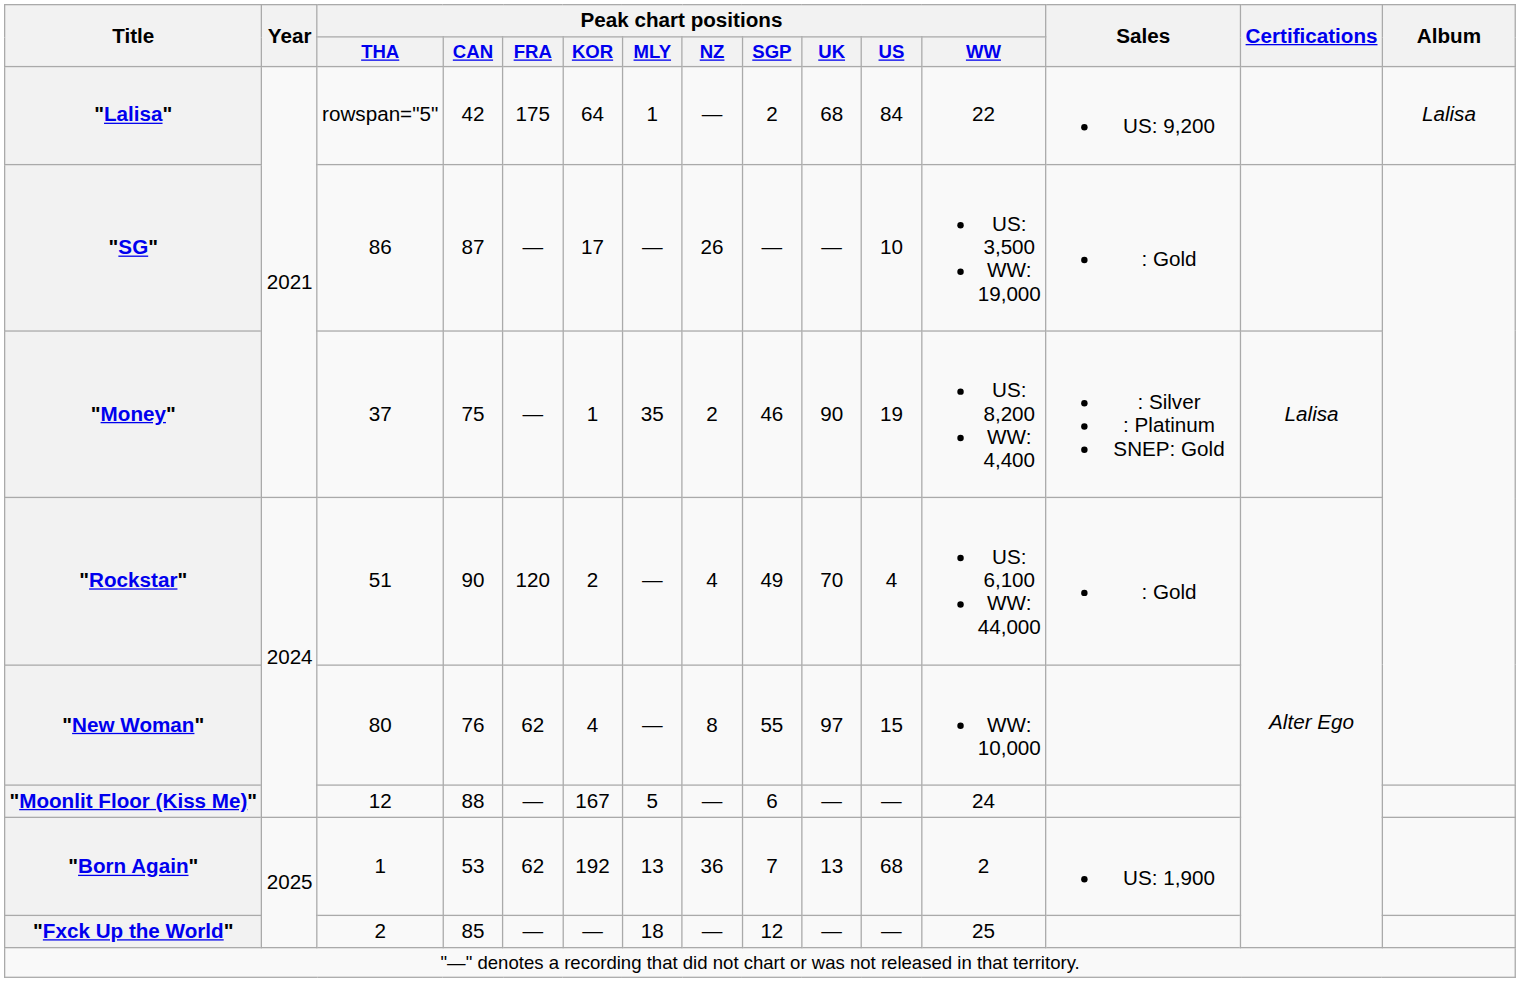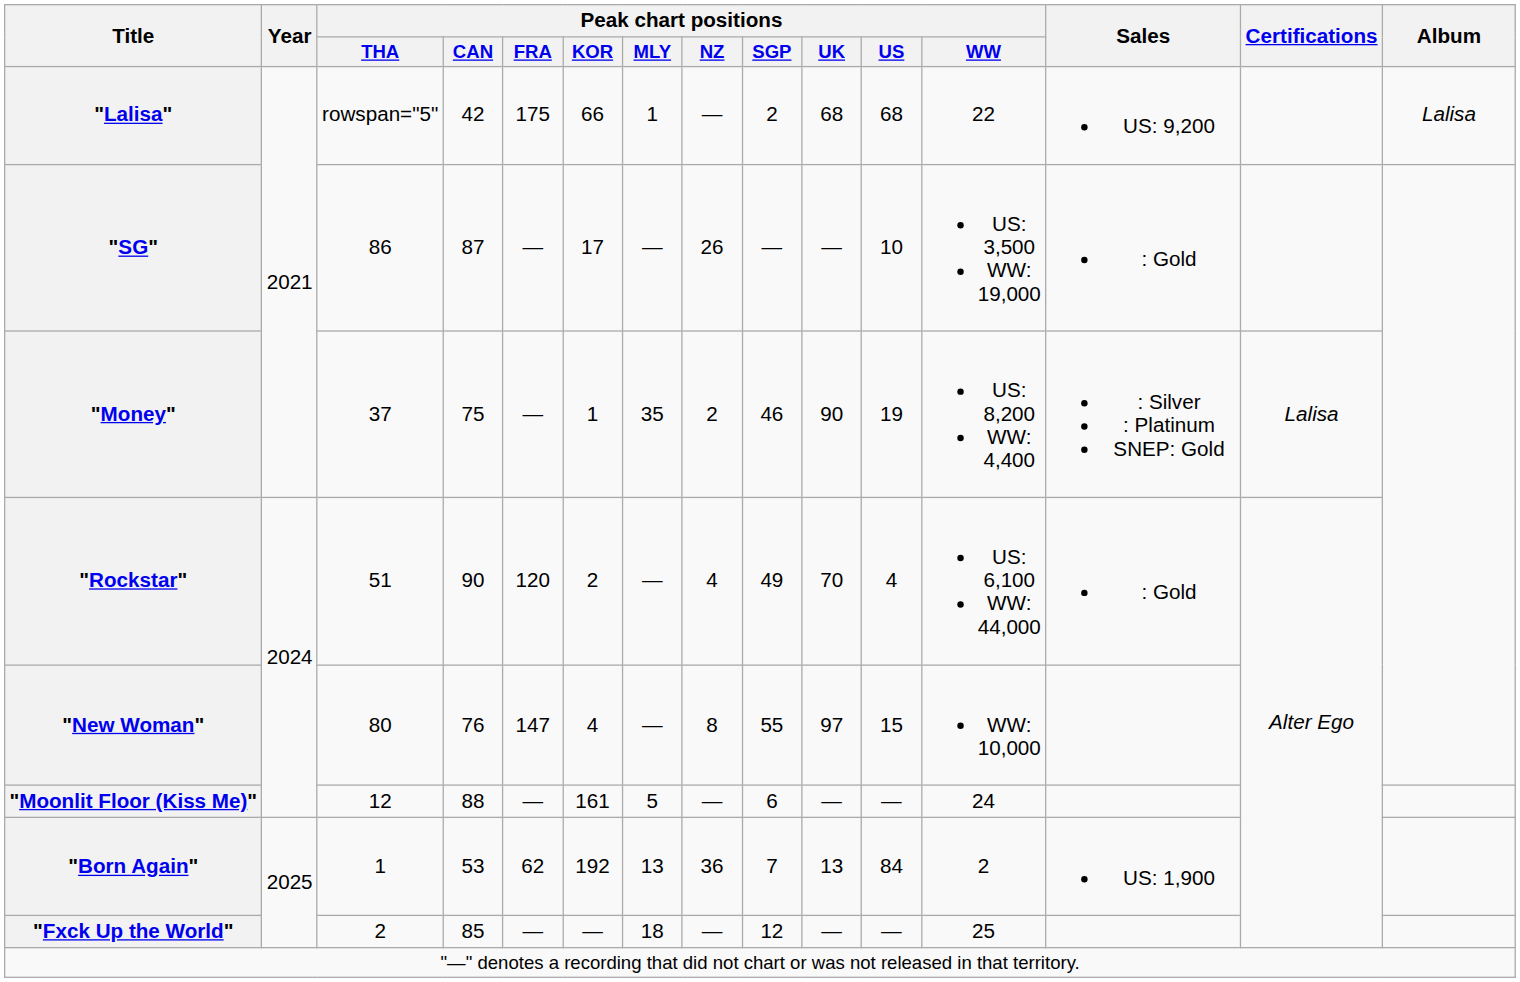 <table class="wikitable plainrowheaders" style="text-align:center;">
 <tr>
 <th scope="col" rowspan="2">Title</th>
 <th scope="col" rowspan="2" style="width:2em">Year</th>
 <th scope="col" colspan="10">Peak chart positions</th>
 <th scope="col" rowspan="2" style="width:9em">Sales</th>
 <th scope="col" rowspan="2"><a href='#'>Certifications</a></th>
 <th scope="col" rowspan="2" style="width:6em">Album</th>
 </tr>
 <tr>
 <th scope="col" style="width:2.75em;font-size:90%;"><a href='#'>THA</a><br></th>
 <th scope="col" style="width:2.75em;font-size:90%;"><a href='#'>CAN</a><br></th>
 <th scope="col" style="width:2.75em;font-size:90%;"><a href='#'>FRA</a><br></th>
 <th scope="col" style="width:2.75em;font-size:90%"><a href='#'>KOR</a><br></th>
 <th scope="col" style="width:2.75em;font-size:90%;"><a href='#'>MLY</a><br></th>
 <th scope="col" style="width:2.75em;font-size:90%;"><a href='#'>NZ</a><br></th>
 <th scope="col" style="width:2.75em;font-size:90%;"><a href='#'>SGP</a><br></th>
 <th scope="col" style="width:2.75em;font-size:90%;"><a href='#'>UK</a><br></th>
 <th scope="col" style="width:2.75em;font-size:90%;"><a href='#'>US</a><br></th>
 <th scope="col" style="width:2.75em;font-size:90%;"><a href='#'>WW</a><br></th>
 </tr>
 <tr>
 <th scope="row">"<a href='#'>Lalisa</a>"</th>
 <td rowspan="3">2021</td>
 <td>rowspan="5" </td>
 <td>42</td>
 <td>175</td>
-<td>64</td>
+<td>66</td>
 <td>1</td>
 <td>—</td>
 <td>2</td>
 <td>68</td>
-<td>84</td>
+<td>68</td>
 <td>22</td>
 <td><br><ul><li>US: 9,200</li></ul></td>
 <td></td>
 <td><em>Lalisa</em></td>
 </tr>
 <tr>
 <th scope="row">"<a href='#'>SG</a>"<br></th>
 <td>86</td>
 <td>87</td>
 <td>—</td>
 <td>17</td>
 <td>—</td>
 <td>26</td>
 <td>—</td>
 <td>—</td>
 <td>10</td>
 <td><br><ul><li>US: 3,500</li><li>WW: 19,000</li></ul></td>
 <td><br><ul><li><a href='#'></a>: Gold</li></ul></td>
 <td></td>
 </tr>
 <tr>
 <th scope="row">"<a href='#'>Money</a>"</th>
 <td>37</td>
 <td>75</td>
 <td>—</td>
 <td>1</td>
 <td>35</td>
 <td>2</td>
 <td>46</td>
 <td>90</td>
 <td>19</td>
 <td><br><ul><li>US: 8,200</li><li>WW: 4,400</li></ul></td>
 <td><br><ul><li><a href='#'></a>: Silver</li><li><a href='#'></a>: Platinum</li><li>SNEP: Gold</li></ul></td>
 <td><em>Lalisa</em></td>
 </tr>
 <tr>
 <th scope="row">"<a href='#'>Rockstar</a>"</th>
 <td rowspan="3">2024</td>
 <td>51</td>
 <td>90</td>
 <td>120</td>
 <td>2</td>
 <td>—</td>
 <td>4</td>
 <td>49</td>
 <td>70</td>
 <td>4</td>
 <td><br><ul><li>US: 6,100</li><li>WW: 44,000</li></ul></td>
 <td><br><ul><li><a href='#'></a>: Gold</li></ul></td>
 <td rowspan="5"><em>Alter Ego</em></td>
 </tr>
 <tr>
 <th scope="row">"<a href='#'>New Woman</a>"<br></th>
 <td>80</td>
 <td>76</td>
-<td>62</td>
+<td>147</td>
 <td>4</td>
 <td>—</td>
 <td>8</td>
 <td>55</td>
 <td>97</td>
 <td>15</td>
 <td><br><ul><li>WW: 10,000</li></ul></td>
 <td></td>
 </tr>
 <tr>
 <th scope="row">"<a href='#'>Moonlit Floor (Kiss Me)</a>"</th>
 <td>12</td>
 <td>88</td>
 <td>—</td>
-<td>167</td>
+<td>161</td>
 <td>5</td>
 <td>—</td>
 <td>6</td>
 <td>—</td>
 <td>—</td>
 <td>24</td>
 <td></td>
 <td></td>
 </tr>
 <tr>
 <th scope="row">"<a href='#'>Born Again</a>"<br></th>
 <td rowspan="2">2025</td>
 <td>1</td>
 <td>53</td>
 <td>62</td>
 <td>192</td>
 <td>13</td>
 <td>36</td>
 <td>7</td>
 <td>13</td>
-<td>68</td>
+<td>84</td>
 <td>2</td>
 <td><br><ul><li>US: 1,900</li></ul></td>
 <td></td>
 </tr>
 <tr>
 <th scope="row">"<a href='#'>Fxck Up the World</a>"<br></th>
 <td>2</td>
 <td>85</td>
 <td>—</td>
 <td>—</td>
 <td>18</td>
 <td>—</td>
 <td>12</td>
 <td>—</td>
 <td>—</td>
 <td>25</td>
 <td></td>
 <td></td>
 </tr>
 <tr>
 <td colspan="15" style="font-size:90%">"—" denotes a recording that did not chart or was not released in that territory.</td>
 </tr>
 </table>
